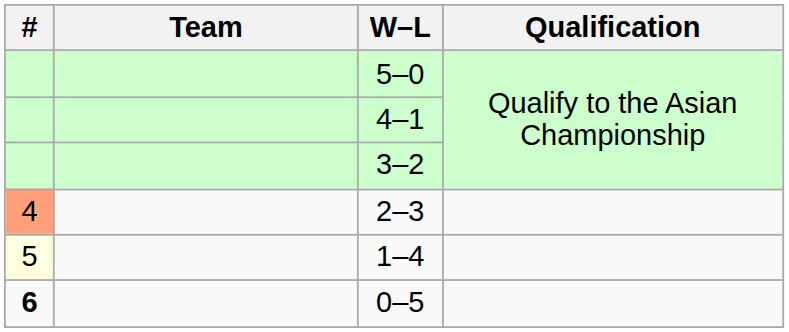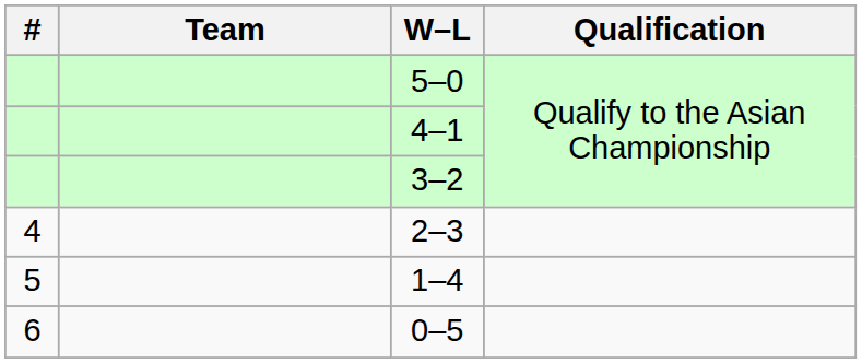 <table class=wikitable style="text-align:center;">
 <tr>
 <th width=20px>#</th>
 <th width=160px>Team</th>
 <th width=40px>W–L</th>
 <th width=180px>Qualification</th>
 </tr>
 <tr bgcolor=#CCFFCC>
 <td></td>
 <td align=left></td>
 <td>5–0</td>
 <td rowspan=3>Qualify to the Asian Championship</td>
 </tr>
 <tr bgcolor=#CCFFCC>
 <td></td>
 <td align=left></td>
 <td>4–1</td>
 </tr>
 <tr bgcolor=#CCFFCC>
 <td></td>
 <td align=left></td>
 <td>3–2</td>
 </tr>
 <tr>
-<td style="background: lightsalmon;">4</td>
+<td>4</td>
 <td align=left></td>
 <td>2–3</td>
 <td></td>
 </tr>
 <tr>
-<td style="background: lightyellow;">5</td>
+<td>5</td>
 <td align=left></td>
 <td>1–4</td>
 <td></td>
 </tr>
 <tr>
-<td><strong>6</strong></td>
+<td>6</td>
 <td align=left></td>
 <td>0–5</td>
 <td></td>
 </tr>
 </table>
